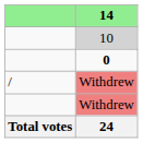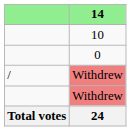 <table class="wikitable" style="text-align:center">
 <tr style="background:#90ee90">
 <td align=left><strong></strong></td>
 <td><strong>14</strong></td>
 </tr>
 <tr>
 <td align=left></td>
-<td style="background: lightgrey;">10</td>
+<td>10</td>
 </tr>
 <tr>
 <td align=left></td>
-<td><strong>0</strong></td>
+<td>0</td>
 </tr>
 <tr>
 <td align=left> / </td>
 <td style="background:#f08080">Withdrew</td>
 </tr>
 <tr>
 <td align=left></td>
 <td style="background:#f08080">Withdrew</td>
 </tr>
 <tr>
 <th align=left>Total votes</th>
 <th>24</th>
 </tr>
 </table>
